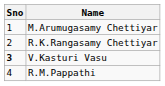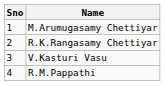 <table class="wikitable sortable mw-collapsible mw-collapsed">
 <tr>
 <th>Sno</th>
 <th>Name</th>
 </tr>
 <tr>
 <td>1</td>
 <td>M.Arumugasamy Chettiyar</td>
 </tr>
 <tr>
 <td>2</td>
 <td>R.K.Rangasamy Chettiyar</td>
 </tr>
 <tr>
-<td><strong>3</strong></td>
+<td>3</td>
 <td>V.Kasturi Vasu</td>
 </tr>
 <tr>
 <td>4</td>
 <td>R.M.Pappathi</td>
 </tr>
 </table>
